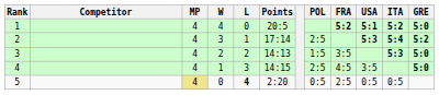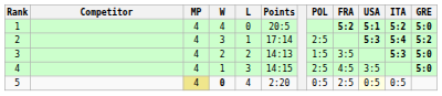 <table class="wikitable" style="text-align:center">
 <tr>
 <th>Rank</th>
 <th style="width:17em">Competitor</th>
 <th style="width:2.5em">MP</th>
 <th style="width:2.5em">W</th>
 <th style="width:2.5em">L</th>
 <th>Points</th>
 <th rowspan="6"> </th>
 <th style="width:2.5em">POL</th>
 <th style="width:2.5em">FRA</th>
 <th style="width:2.5em">USA</th>
 <th style="width:2.5em">ITA</th>
 <th style="width:2.5em">GRE</th>
 </tr>
 <tr style="background:#cfc;">
 <td>1</td>
 <td style="text-align:left"></td>
 <td>4</td>
 <td>4</td>
 <td>0</td>
 <td>20:5</td>
 <td></td>
 <td><strong>5:2</strong></td>
 <td><strong>5:1</strong></td>
 <td><strong>5:2</strong></td>
 <td><strong>5:0</strong></td>
 </tr>
 <tr style="background:#cfc;">
 <td>2</td>
 <td style="text-align:left"></td>
 <td>4</td>
 <td>3</td>
 <td>1</td>
 <td>17:14</td>
 <td>2:5</td>
 <td></td>
 <td><strong>5:3</strong></td>
 <td><strong>5:4</strong></td>
 <td><strong>5:2</strong></td>
 </tr>
 <tr style="background:#cfc;">
 <td>3</td>
 <td style="text-align:left"></td>
 <td>4</td>
 <td>2</td>
 <td>2</td>
 <td>14:13</td>
 <td>1:5</td>
 <td>3:5</td>
 <td></td>
 <td><strong>5:3</strong></td>
 <td><strong>5:0</strong></td>
 </tr>
 <tr style="background:#cfc;">
 <td>4</td>
 <td style="text-align:left"></td>
 <td>4</td>
 <td>1</td>
 <td>3</td>
 <td>14:15</td>
 <td>2:5</td>
 <td>4:5</td>
 <td>3:5</td>
 <td></td>
 <td><strong>5:0</strong></td>
 </tr>
 <tr>
 <td>5</td>
 <td style="text-align:left"></td>
 <td style="background: khaki;">4</td>
-<td>0</td>
-<td><strong>4</strong></td>
+<td><strong>0</strong></td>
+<td>4</td>
 <td>2:20</td>
 <td>0:5</td>
 <td>2:5</td>
-<td>0:5</td>
+<td style="background: lightyellow;">0:5</td>
 <td>0:5</td>
 <td></td>
 </tr>
 </table>
